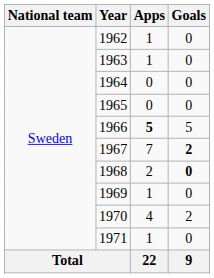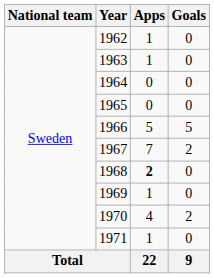 <table class="wikitable" style="text-align:center">
 <tr>
 <th>National team</th>
 <th>Year</th>
 <th>Apps</th>
 <th>Goals</th>
 </tr>
 <tr>
 <td rowspan="10"><a href='#'>Sweden</a></td>
 <td>1962</td>
 <td>1</td>
 <td>0</td>
 </tr>
 <tr>
 <td>1963</td>
 <td>1</td>
 <td>0</td>
 </tr>
 <tr>
 <td>1964</td>
 <td>0</td>
 <td>0</td>
 </tr>
 <tr>
 <td>1965</td>
 <td>0</td>
 <td>0</td>
 </tr>
 <tr>
 <td>1966</td>
-<td><strong>5</strong></td>
+<td>5</td>
 <td>5</td>
 </tr>
 <tr>
 <td>1967</td>
 <td>7</td>
-<td><strong>2</strong></td>
+<td>2</td>
 </tr>
 <tr>
 <td>1968</td>
-<td>2</td>
-<td><strong>0</strong></td>
+<td><strong>2</strong></td>
+<td>0</td>
 </tr>
 <tr>
 <td>1969</td>
 <td>1</td>
 <td>0</td>
 </tr>
 <tr>
 <td>1970</td>
 <td>4</td>
 <td>2</td>
 </tr>
 <tr>
 <td>1971</td>
 <td>1</td>
 <td>0</td>
 </tr>
 <tr>
 <th colspan="2">Total</th>
 <th>22</th>
 <th>9</th>
 </tr>
 </table>
